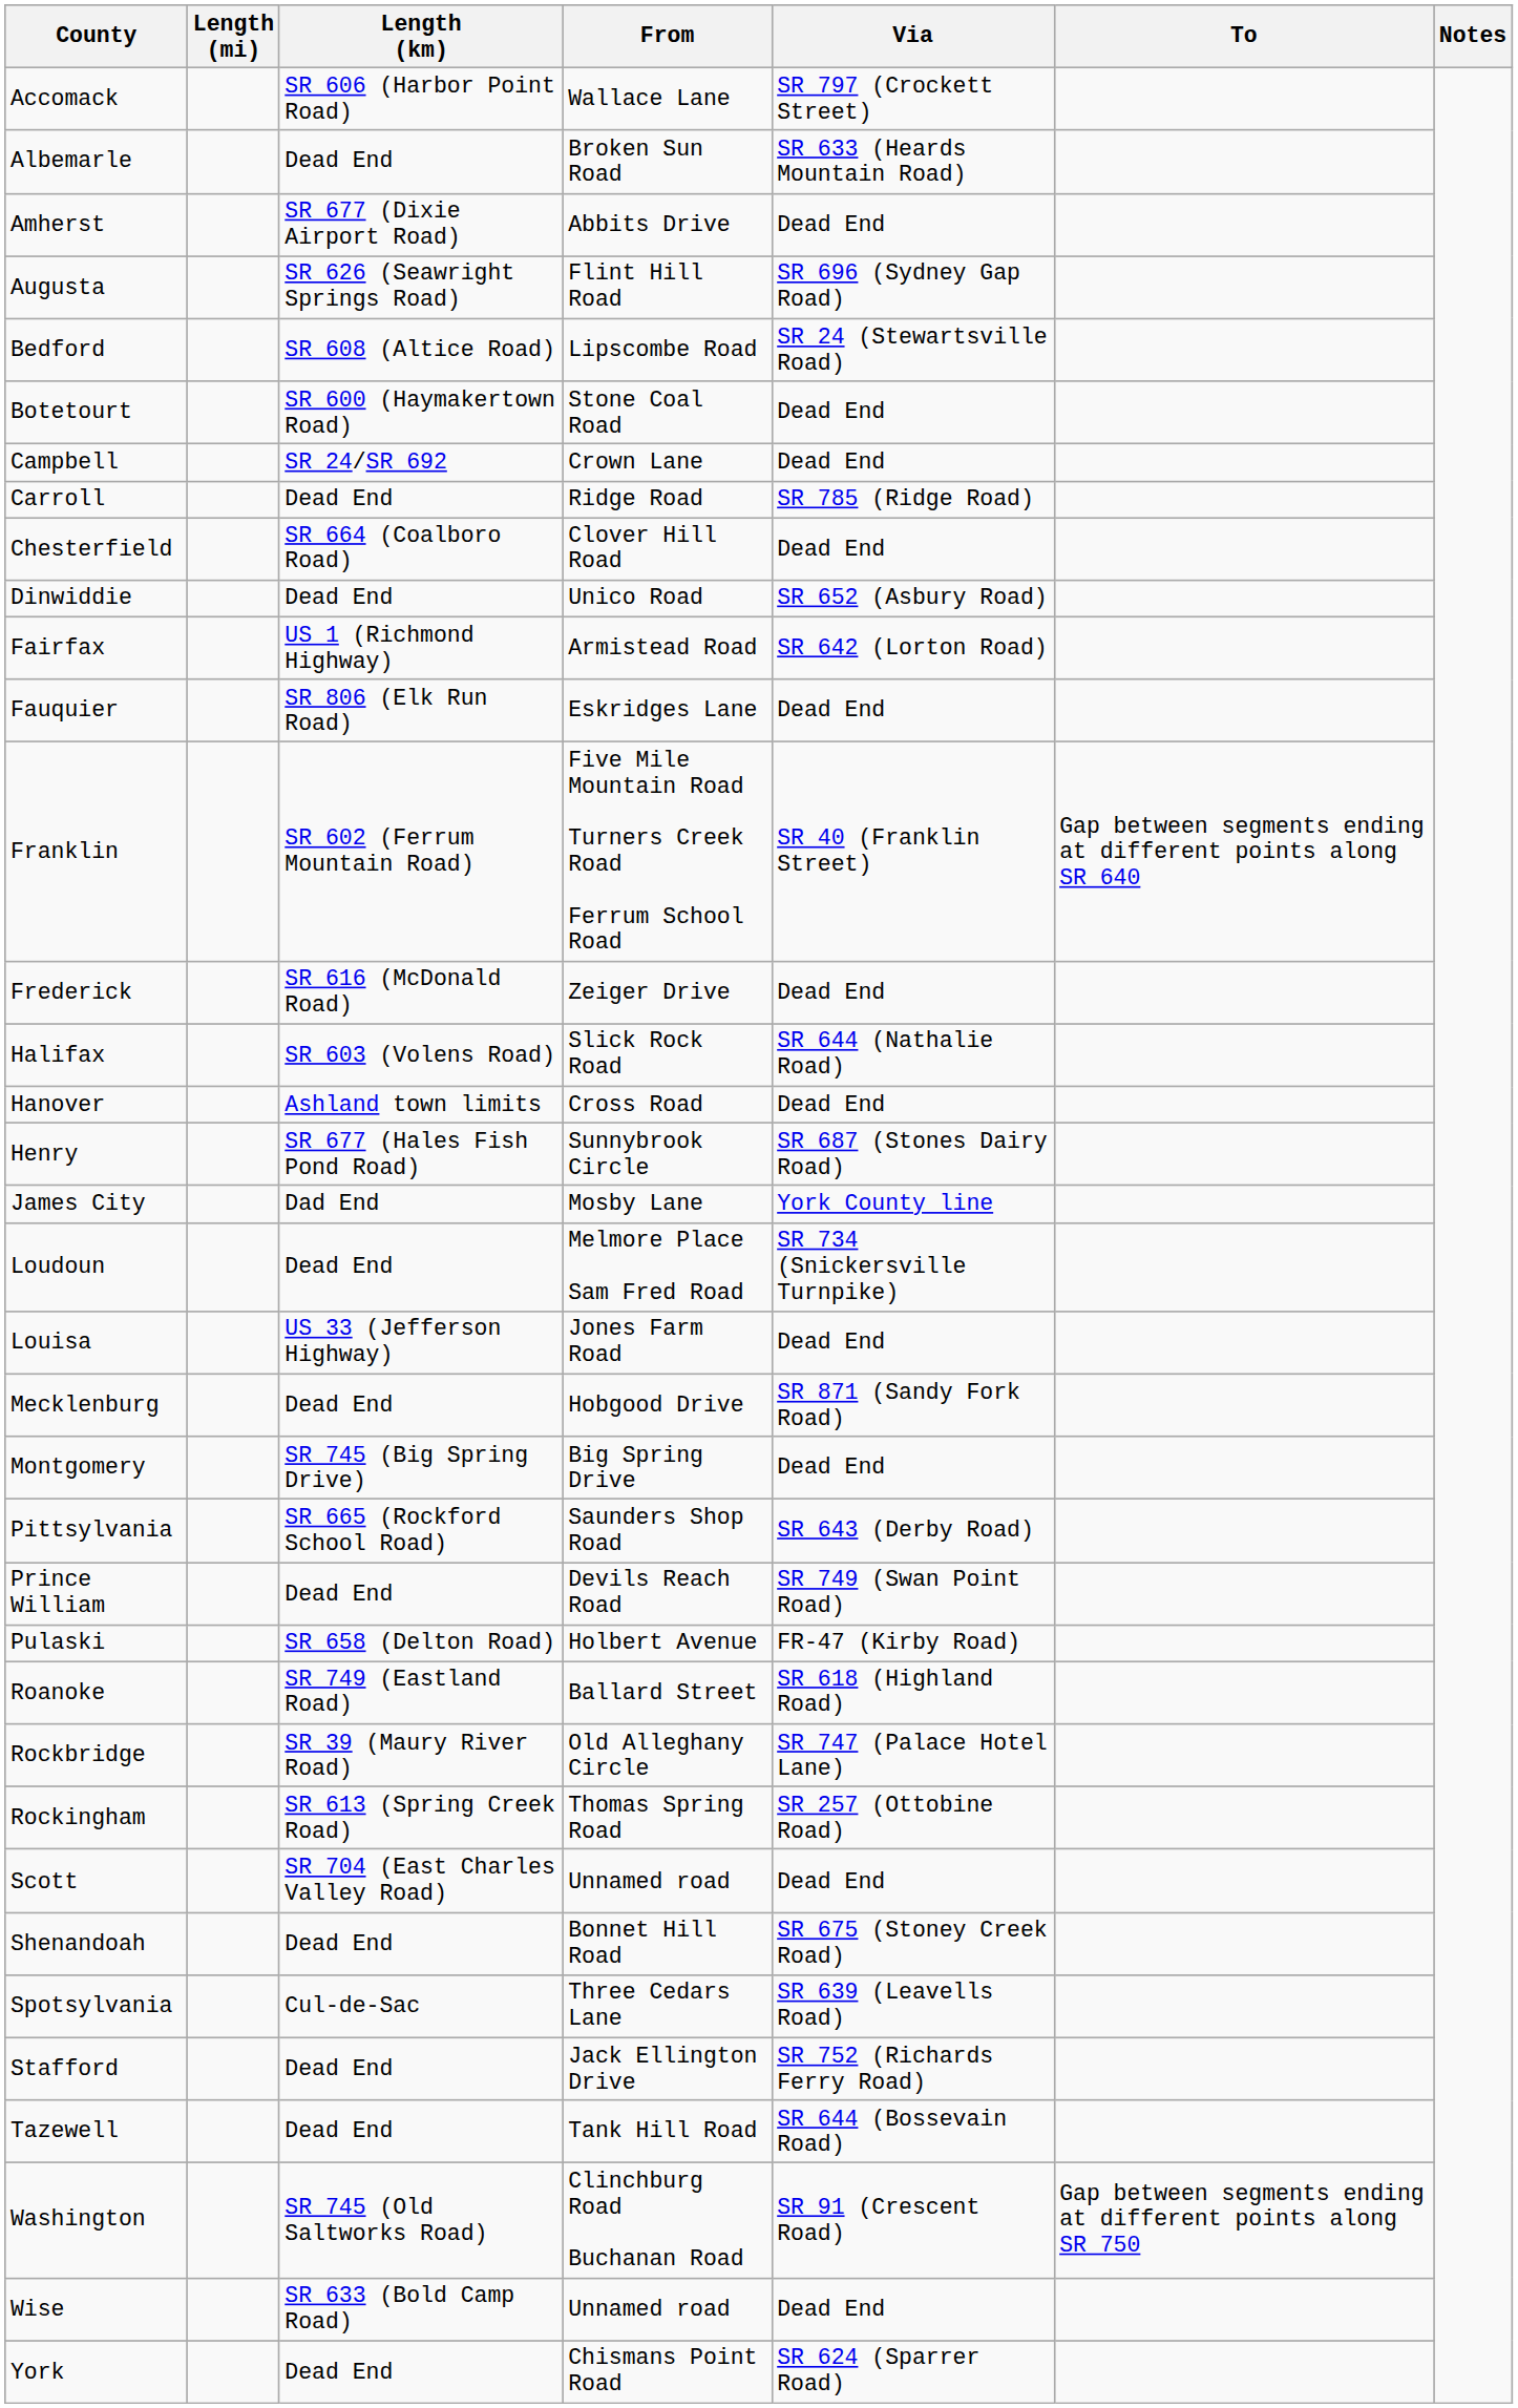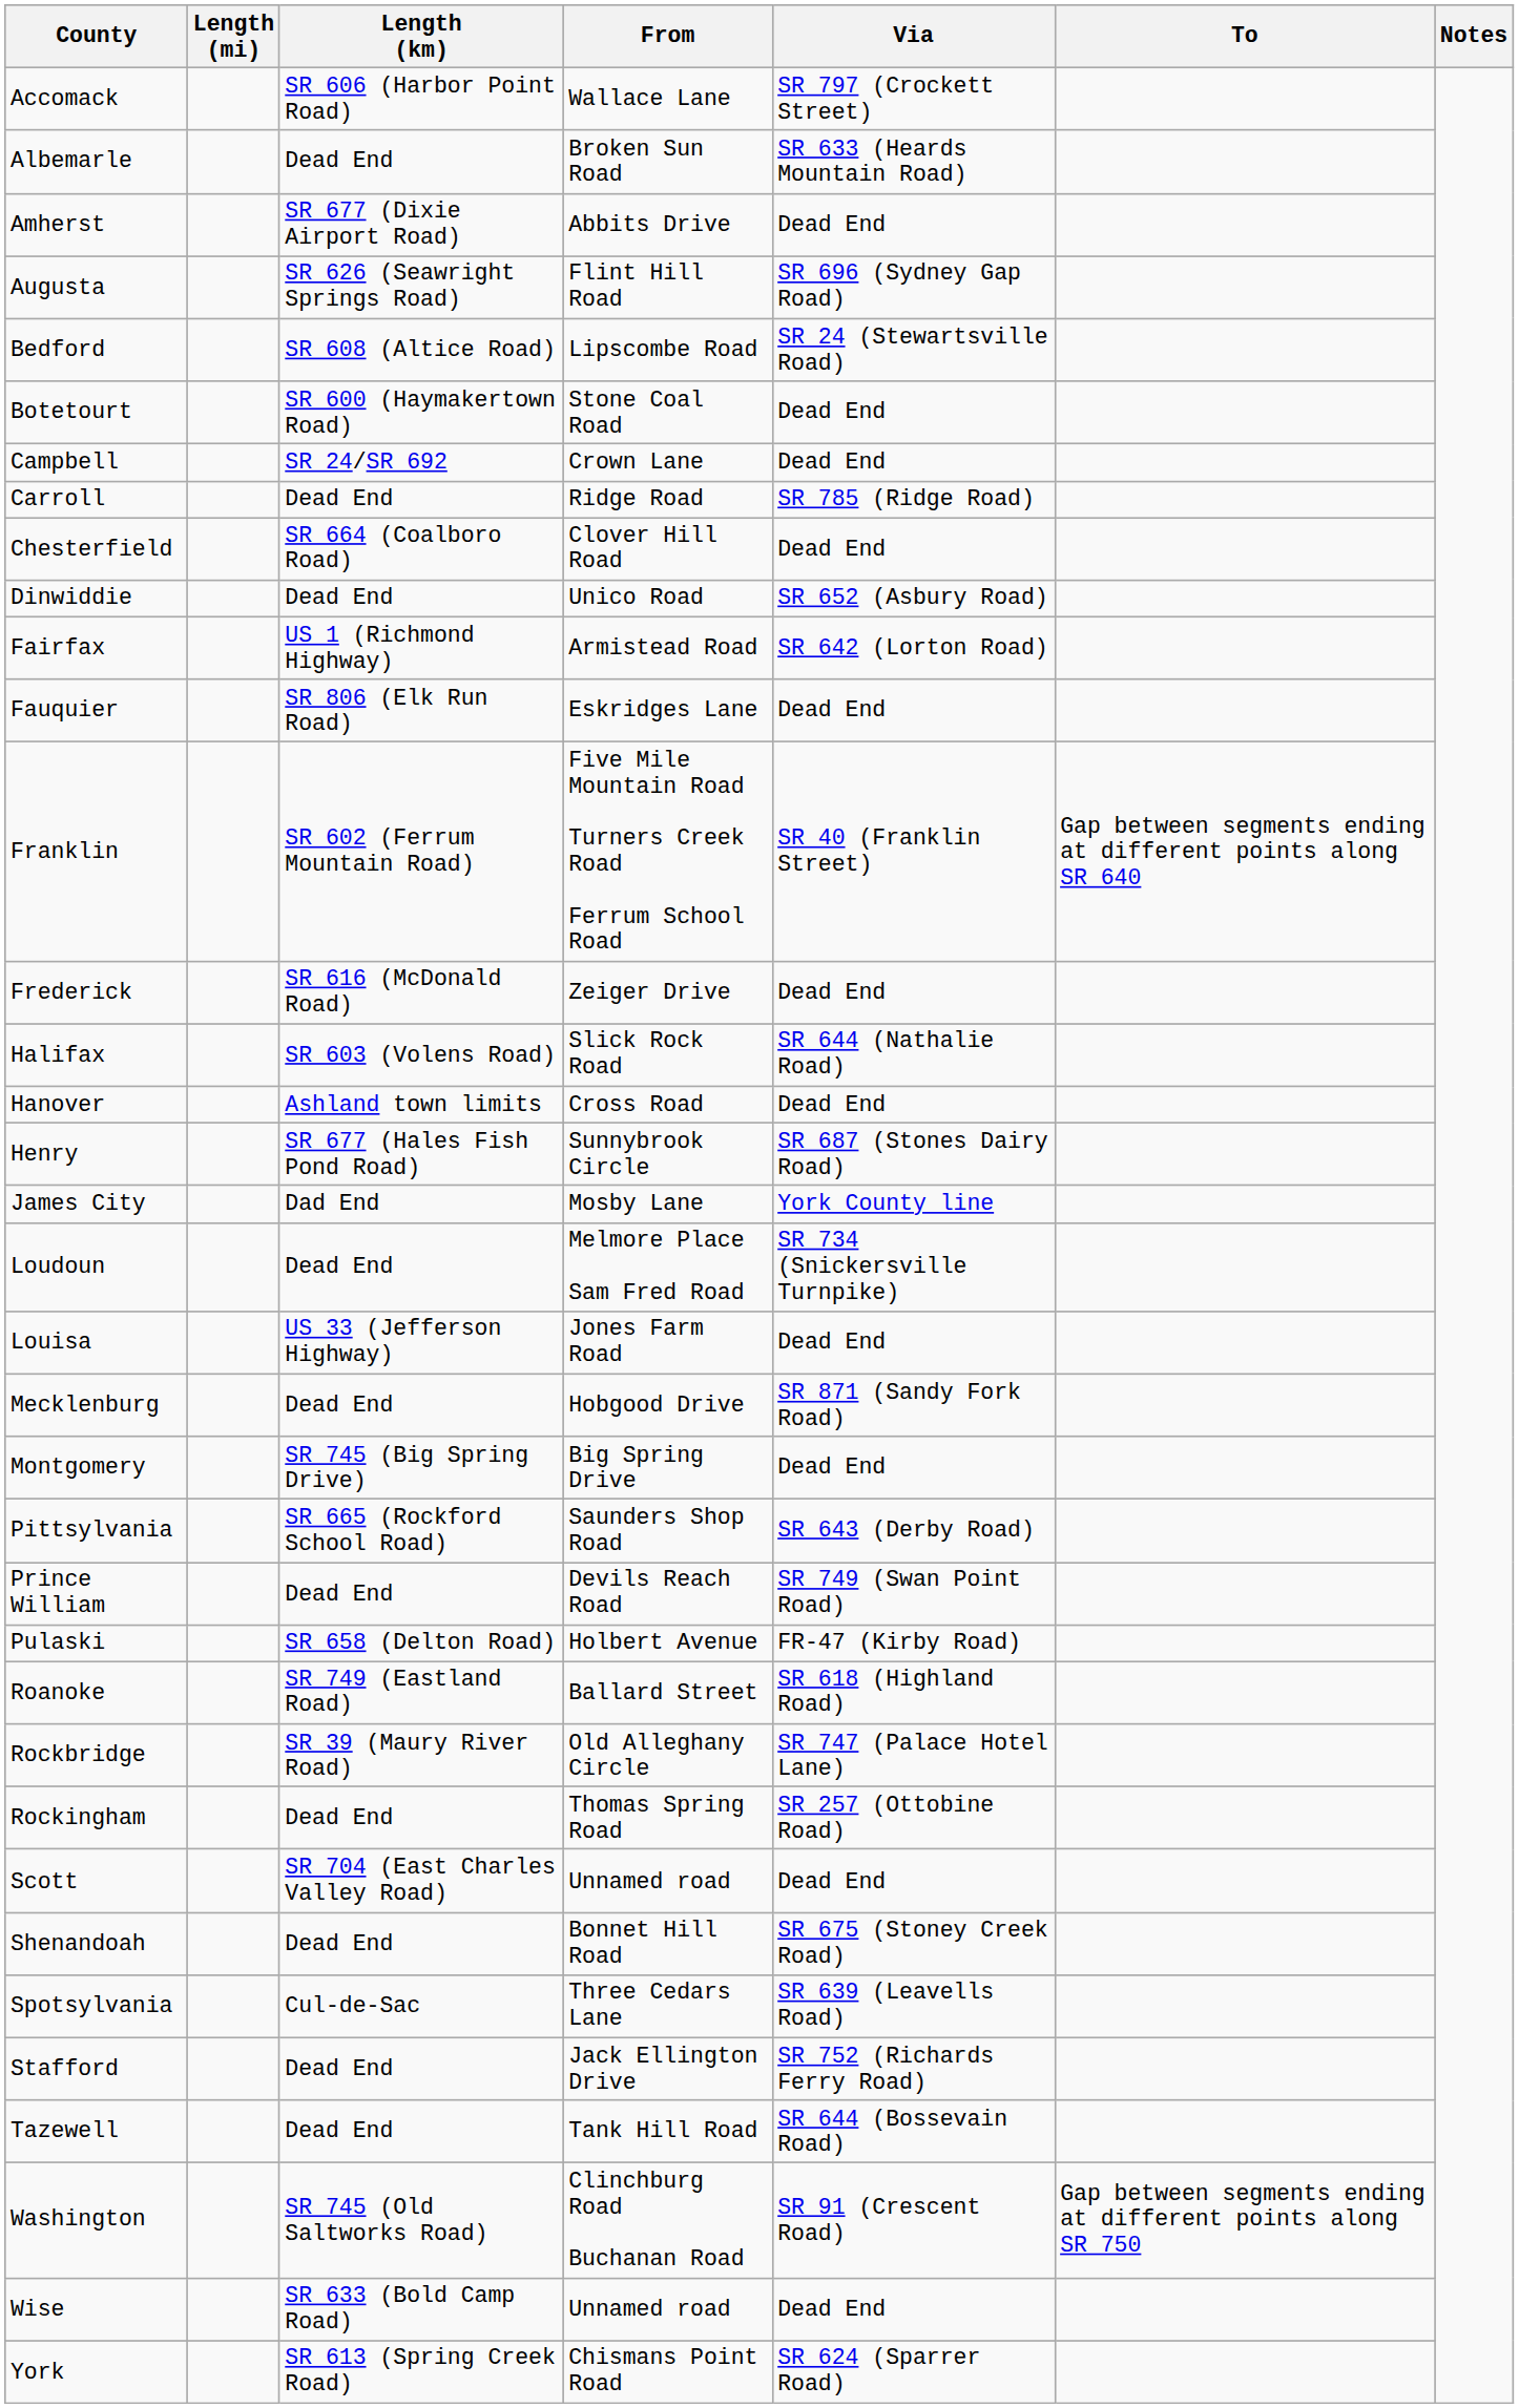 <table class="wikitable sortable">
 <tr>
 <th>County</th>
 <th>Length<br>(mi)</th>
 <th>Length<br>(km)</th>
 <th class="unsortable">From</th>
 <th class="unsortable">Via</th>
 <th class="unsortable">To</th>
 <th class="unsortable">Notes</th>
 </tr>
 <tr>
 <td id="Accomack">Accomack</td>
 <td></td>
 <td><a href='#'>SR 606</a> (Harbor Point Road)</td>
 <td>Wallace Lane</td>
 <td><a href='#'>SR 797</a> (Crockett Street)</td>
 <td></td>
 </tr>
 <tr>
 <td id="Albemarle">Albemarle</td>
 <td></td>
 <td>Dead End</td>
 <td>Broken Sun Road</td>
 <td><a href='#'>SR 633</a> (Heards Mountain Road)</td>
 <td><br> </td>
 </tr>
 <tr>
 <td id="Amherst">Amherst</td>
 <td></td>
 <td><a href='#'>SR 677</a> (Dixie Airport Road)</td>
 <td>Abbits Drive</td>
 <td>Dead End</td>
 <td><br> </td>
 </tr>
 <tr>
 <td id="Augusta">Augusta</td>
 <td></td>
 <td><a href='#'>SR 626</a> (Seawright Springs Road)</td>
 <td>Flint Hill Road</td>
 <td><a href='#'>SR 696</a> (Sydney Gap Road)</td>
 <td><br></td>
 </tr>
 <tr>
 <td id="Bedford">Bedford</td>
 <td></td>
 <td><a href='#'>SR 608</a> (Altice Road)</td>
 <td>Lipscombe Road</td>
 <td><a href='#'>SR 24</a> (Stewartsville Road)</td>
 <td><br></td>
 </tr>
 <tr>
 <td id="Botetourt">Botetourt</td>
 <td></td>
 <td><a href='#'>SR 600</a> (Haymakertown Road)</td>
 <td>Stone Coal Road</td>
 <td>Dead End</td>
 <td><br>  </td>
 </tr>
 <tr>
 <td id="Campbell">Campbell</td>
 <td></td>
 <td><a href='#'>SR 24</a>/<a href='#'>SR 692</a></td>
 <td>Crown Lane</td>
 <td>Dead End</td>
 <td><br></td>
 </tr>
 <tr>
 <td id="Carroll">Carroll</td>
 <td></td>
 <td>Dead End</td>
 <td>Ridge Road</td>
 <td><a href='#'>SR 785</a> (Ridge Road)</td>
 <td><br> </td>
 </tr>
 <tr>
 <td id="Chesterfield">Chesterfield</td>
 <td></td>
 <td><a href='#'>SR 664</a> (Coalboro Road)</td>
 <td>Clover Hill Road</td>
 <td>Dead End</td>
 <td><br>    </td>
 </tr>
 <tr>
 <td id="Dinwiddie">Dinwiddie</td>
 <td></td>
 <td>Dead End</td>
 <td>Unico Road</td>
 <td><a href='#'>SR 652</a> (Asbury Road)</td>
 <td><br></td>
 </tr>
 <tr>
 <td id="Fairfax">Fairfax</td>
 <td></td>
 <td><a href='#'>US 1</a> (Richmond Highway)</td>
 <td>Armistead Road</td>
 <td><a href='#'>SR 642</a> (Lorton Road)</td>
 <td></td>
 </tr>
 <tr>
 <td id="Fauquier">Fauquier</td>
 <td></td>
 <td><a href='#'>SR 806</a> (Elk Run Road)</td>
 <td>Eskridges Lane</td>
 <td>Dead End</td>
 <td><br> </td>
 </tr>
 <tr>
 <td id="Franklin">Franklin</td>
 <td></td>
 <td><a href='#'>SR 602</a> (Ferrum Mountain Road)</td>
 <td>Five Mile Mountain Road<br><br>Turners Creek Road<br><br>Ferrum School Road</td>
 <td><a href='#'>SR 40</a> (Franklin Street)</td>
 <td>Gap between segments ending at different points along <a href='#'>SR 640</a></td>
 </tr>
 <tr>
 <td id="Frederick">Frederick</td>
 <td></td>
 <td><a href='#'>SR 616</a> (McDonald Road)</td>
 <td>Zeiger Drive</td>
 <td>Dead End</td>
 <td><br>     </td>
 </tr>
 <tr>
 <td id="Halifax">Halifax</td>
 <td></td>
 <td><a href='#'>SR 603</a> (Volens Road)</td>
 <td>Slick Rock Road</td>
 <td><a href='#'>SR 644</a> (Nathalie Road)</td>
 <td></td>
 </tr>
 <tr>
 <td id="Hanover">Hanover</td>
 <td></td>
 <td><a href='#'>Ashland</a> town limits</td>
 <td>Cross Road</td>
 <td>Dead End</td>
 <td><br></td>
 </tr>
 <tr>
 <td id="Henry">Henry</td>
 <td></td>
 <td><a href='#'>SR 677</a> (Hales Fish Pond Road)</td>
 <td>Sunnybrook Circle</td>
 <td><a href='#'>SR 687</a> (Stones Dairy Road)</td>
 <td><br> </td>
 </tr>
 <tr>
 <td id="James City">James City</td>
 <td></td>
 <td>Dad End</td>
 <td>Mosby Lane</td>
 <td><a href='#'>York County line</a></td>
 <td><br>    </td>
 </tr>
 <tr>
 <td id="Loudoun">Loudoun</td>
 <td></td>
 <td>Dead End</td>
 <td>Melmore Place<br><br>Sam Fred Road</td>
 <td><a href='#'>SR 734</a> (Snickersville Turnpike)</td>
 <td></td>
 </tr>
 <tr>
 <td id="Louisa">Louisa</td>
 <td></td>
 <td><a href='#'>US 33</a> (Jefferson Highway)</td>
 <td>Jones Farm Road</td>
 <td>Dead End</td>
 <td><br>  </td>
 </tr>
 <tr>
 <td id="Mecklenburg">Mecklenburg</td>
 <td></td>
 <td>Dead End</td>
 <td>Hobgood Drive</td>
 <td><a href='#'>SR 871</a> (Sandy Fork Road)</td>
 <td><br></td>
 </tr>
 <tr>
 <td id="Montgomery">Montgomery</td>
 <td></td>
 <td><a href='#'>SR 745</a> (Big Spring Drive)</td>
 <td>Big Spring Drive</td>
 <td>Dead End</td>
 <td><br>       </td>
 </tr>
 <tr>
 <td id="Pittsylvania">Pittsylvania</td>
 <td></td>
 <td><a href='#'>SR 665</a> (Rockford School Road)</td>
 <td>Saunders Shop Road</td>
 <td><a href='#'>SR 643</a> (Derby Road)</td>
 <td><br>  </td>
 </tr>
 <tr>
 <td id="Prince William">Prince William</td>
 <td></td>
 <td>Dead End</td>
 <td>Devils Reach Road</td>
 <td><a href='#'>SR 749</a> (Swan Point Road)</td>
 <td></td>
 </tr>
 <tr>
 <td id="Pulaski">Pulaski</td>
 <td></td>
 <td><a href='#'>SR 658</a> (Delton Road)</td>
 <td>Holbert Avenue</td>
 <td>FR-47 (Kirby Road)</td>
 <td><br> </td>
 </tr>
 <tr>
 <td id="Roanoke">Roanoke</td>
 <td></td>
 <td><a href='#'>SR 749</a> (Eastland Road)</td>
 <td>Ballard Street</td>
 <td><a href='#'>SR 618</a> (Highland Road)</td>
 <td></td>
 </tr>
 <tr>
 <td id="Rockbridge">Rockbridge</td>
 <td></td>
 <td><a href='#'>SR 39</a> (Maury River Road)</td>
 <td>Old Alleghany Circle</td>
 <td><a href='#'>SR 747</a> (Palace Hotel Lane)</td>
 <td></td>
 </tr>
 <tr>
 <td id="Rockingham">Rockingham</td>
 <td></td>
-<td><a href='#'>SR 613</a> (Spring Creek Road)</td>
+<td>Dead End</td>
 <td>Thomas Spring Road</td>
 <td><a href='#'>SR 257</a> (Ottobine Road)</td>
 <td><br></td>
 </tr>
 <tr>
 <td id="Scott">Scott</td>
 <td></td>
 <td><a href='#'>SR 704</a> (East Charles Valley Road)</td>
 <td>Unnamed road</td>
 <td>Dead End</td>
 <td></td>
 </tr>
 <tr>
 <td id="Shenandoah">Shenandoah</td>
 <td></td>
 <td>Dead End</td>
 <td>Bonnet Hill Road</td>
 <td><a href='#'>SR 675</a> (Stoney Creek Road)</td>
 <td><br> </td>
 </tr>
 <tr>
 <td id="Spotsylvania">Spotsylvania</td>
 <td></td>
 <td>Cul-de-Sac</td>
 <td>Three Cedars Lane</td>
 <td><a href='#'>SR 639</a> (Leavells Road)</td>
 <td></td>
 </tr>
 <tr>
 <td id="Stafford">Stafford</td>
 <td></td>
 <td>Dead End</td>
 <td>Jack Ellington Drive</td>
 <td><a href='#'>SR 752</a> (Richards Ferry Road)</td>
 <td><br> </td>
 </tr>
 <tr>
 <td id="Tazewell">Tazewell</td>
 <td></td>
 <td>Dead End</td>
 <td>Tank Hill Road</td>
 <td><a href='#'>SR 644</a> (Bossevain Road)</td>
 <td><br></td>
 </tr>
 <tr>
 <td id="Washington">Washington</td>
 <td></td>
 <td><a href='#'>SR 745</a> (Old Saltworks Road)</td>
 <td>Clinchburg Road<br><br>Buchanan Road</td>
 <td><a href='#'>SR 91</a> (Crescent Road)</td>
 <td>Gap between segments ending at different points along <a href='#'>SR 750</a><br></td>
 </tr>
 <tr>
 <td id="Wise">Wise</td>
 <td></td>
 <td><a href='#'>SR 633</a> (Bold Camp Road)</td>
 <td>Unnamed road</td>
 <td>Dead End</td>
 <td><br></td>
 </tr>
 <tr>
 <td id="York">York</td>
 <td></td>
-<td>Dead End</td>
+<td><a href='#'>SR 613</a> (Spring Creek Road)</td>
 <td>Chismans Point Road</td>
 <td><a href='#'>SR 624</a> (Sparrer Road)</td>
 <td></td>
 </tr>
 </table>
